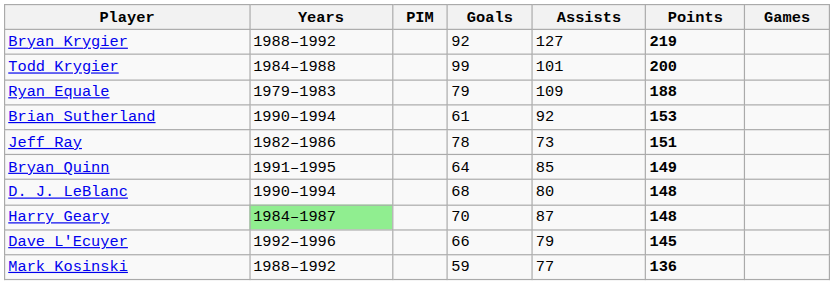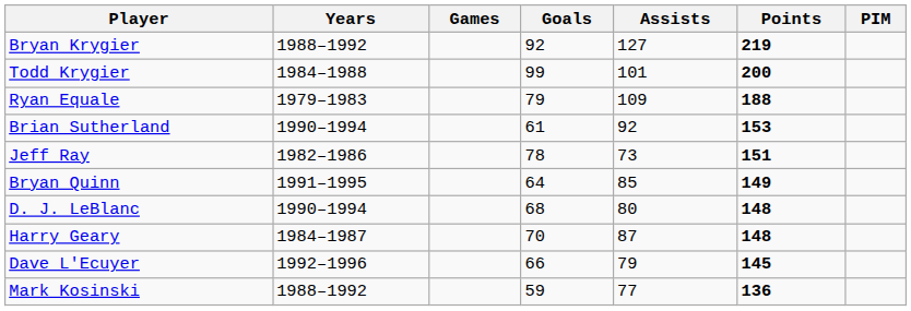 <table class="wikitable sortable" style="width:700px;" cellpadding="1">
 <tr>
 <th><strong>Player</strong></th>
 <th><strong>Years</strong></th>
-<th><strong>PIM</strong></th>
+<th><strong>Games</strong></th>
 <th><strong>Goals</strong></th>
 <th><strong>Assists</strong></th>
 <th><strong>Points</strong></th>
-<th><strong>Games</strong></th>
+<th><strong>PIM</strong></th>
 </tr>
 <tr>
 <td><a href='#'>Bryan Krygier</a></td>
 <td>1988–1992</td>
 <td></td>
 <td>92</td>
 <td>127</td>
 <td><strong>219</strong></td>
 <td></td>
 </tr>
 <tr>
 <td><a href='#'>Todd Krygier</a></td>
 <td>1984–1988</td>
 <td></td>
 <td>99</td>
 <td>101</td>
 <td><strong>200</strong></td>
 <td></td>
 </tr>
 <tr>
 <td><a href='#'>Ryan Equale</a></td>
 <td>1979–1983</td>
 <td></td>
 <td>79</td>
 <td>109</td>
 <td><strong>188</strong></td>
 <td></td>
 </tr>
 <tr>
 <td><a href='#'>Brian Sutherland</a></td>
 <td>1990–1994</td>
 <td></td>
 <td>61</td>
 <td>92</td>
 <td><strong>153</strong></td>
 <td></td>
 </tr>
 <tr>
 <td><a href='#'>Jeff Ray</a></td>
 <td>1982–1986</td>
 <td></td>
 <td>78</td>
 <td>73</td>
 <td><strong>151</strong></td>
 <td></td>
 </tr>
 <tr>
 <td><a href='#'>Bryan Quinn</a></td>
 <td>1991–1995</td>
 <td></td>
 <td>64</td>
 <td>85</td>
 <td><strong>149</strong></td>
 <td></td>
 </tr>
 <tr>
 <td><a href='#'>D. J. LeBlanc</a></td>
 <td>1990–1994</td>
 <td></td>
 <td>68</td>
 <td>80</td>
 <td><strong>148</strong></td>
 <td></td>
 </tr>
 <tr>
 <td><a href='#'>Harry Geary</a></td>
-<td style="background: lightgreen;">1984–1987</td>
+<td>1984–1987</td>
 <td></td>
 <td>70</td>
 <td>87</td>
 <td><strong>148</strong></td>
 <td></td>
 </tr>
 <tr>
 <td><a href='#'>Dave L'Ecuyer</a></td>
 <td>1992–1996</td>
 <td></td>
 <td>66</td>
 <td>79</td>
 <td><strong>145</strong></td>
 <td></td>
 </tr>
 <tr>
 <td><a href='#'>Mark Kosinski</a></td>
 <td>1988–1992</td>
 <td></td>
 <td>59</td>
 <td>77</td>
 <td><strong>136</strong></td>
 <td></td>
 </tr>
 </table>
